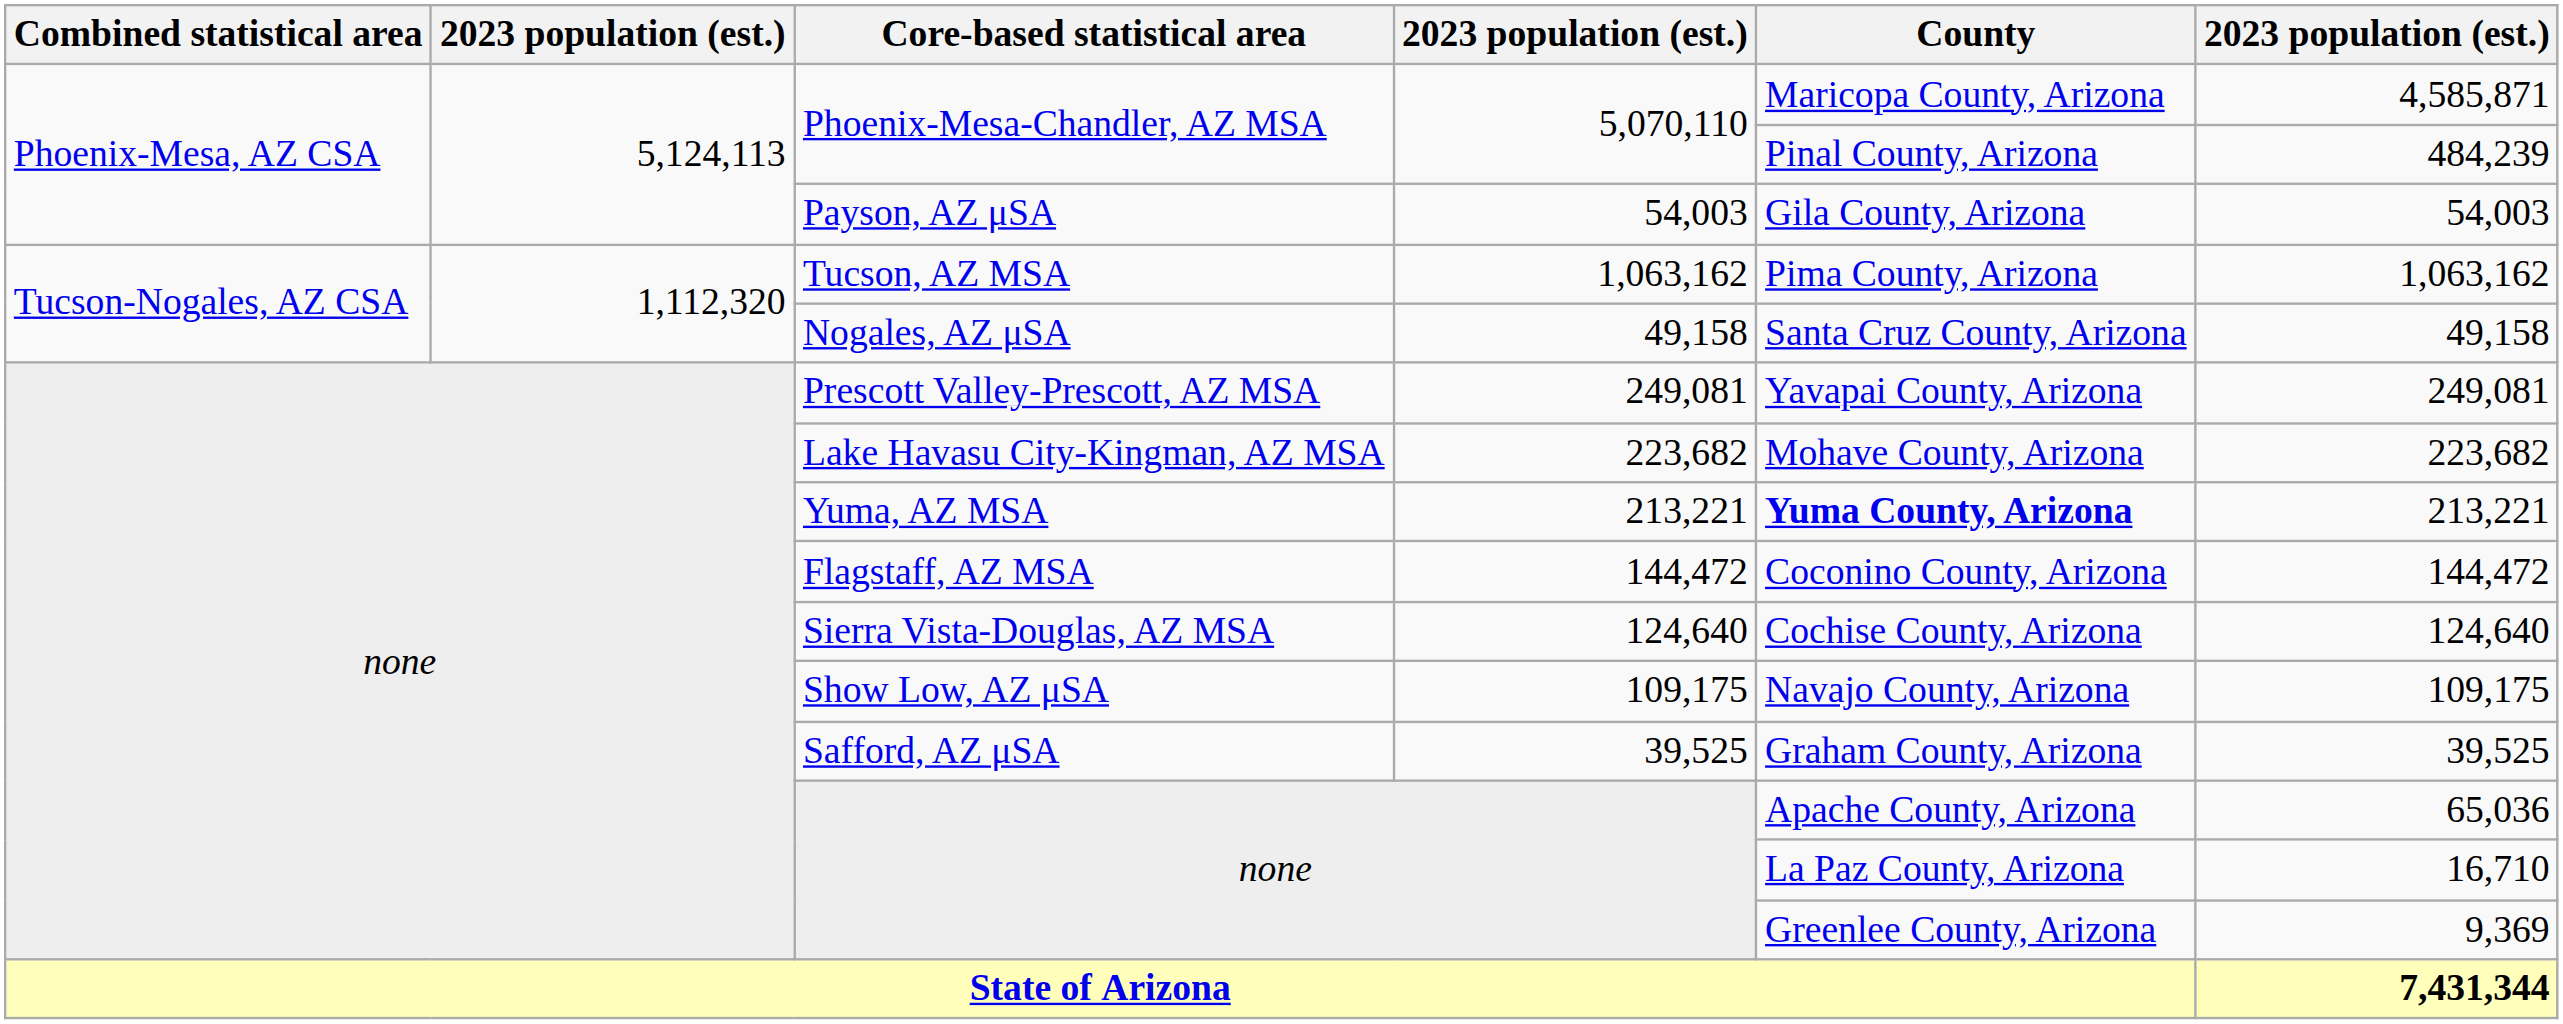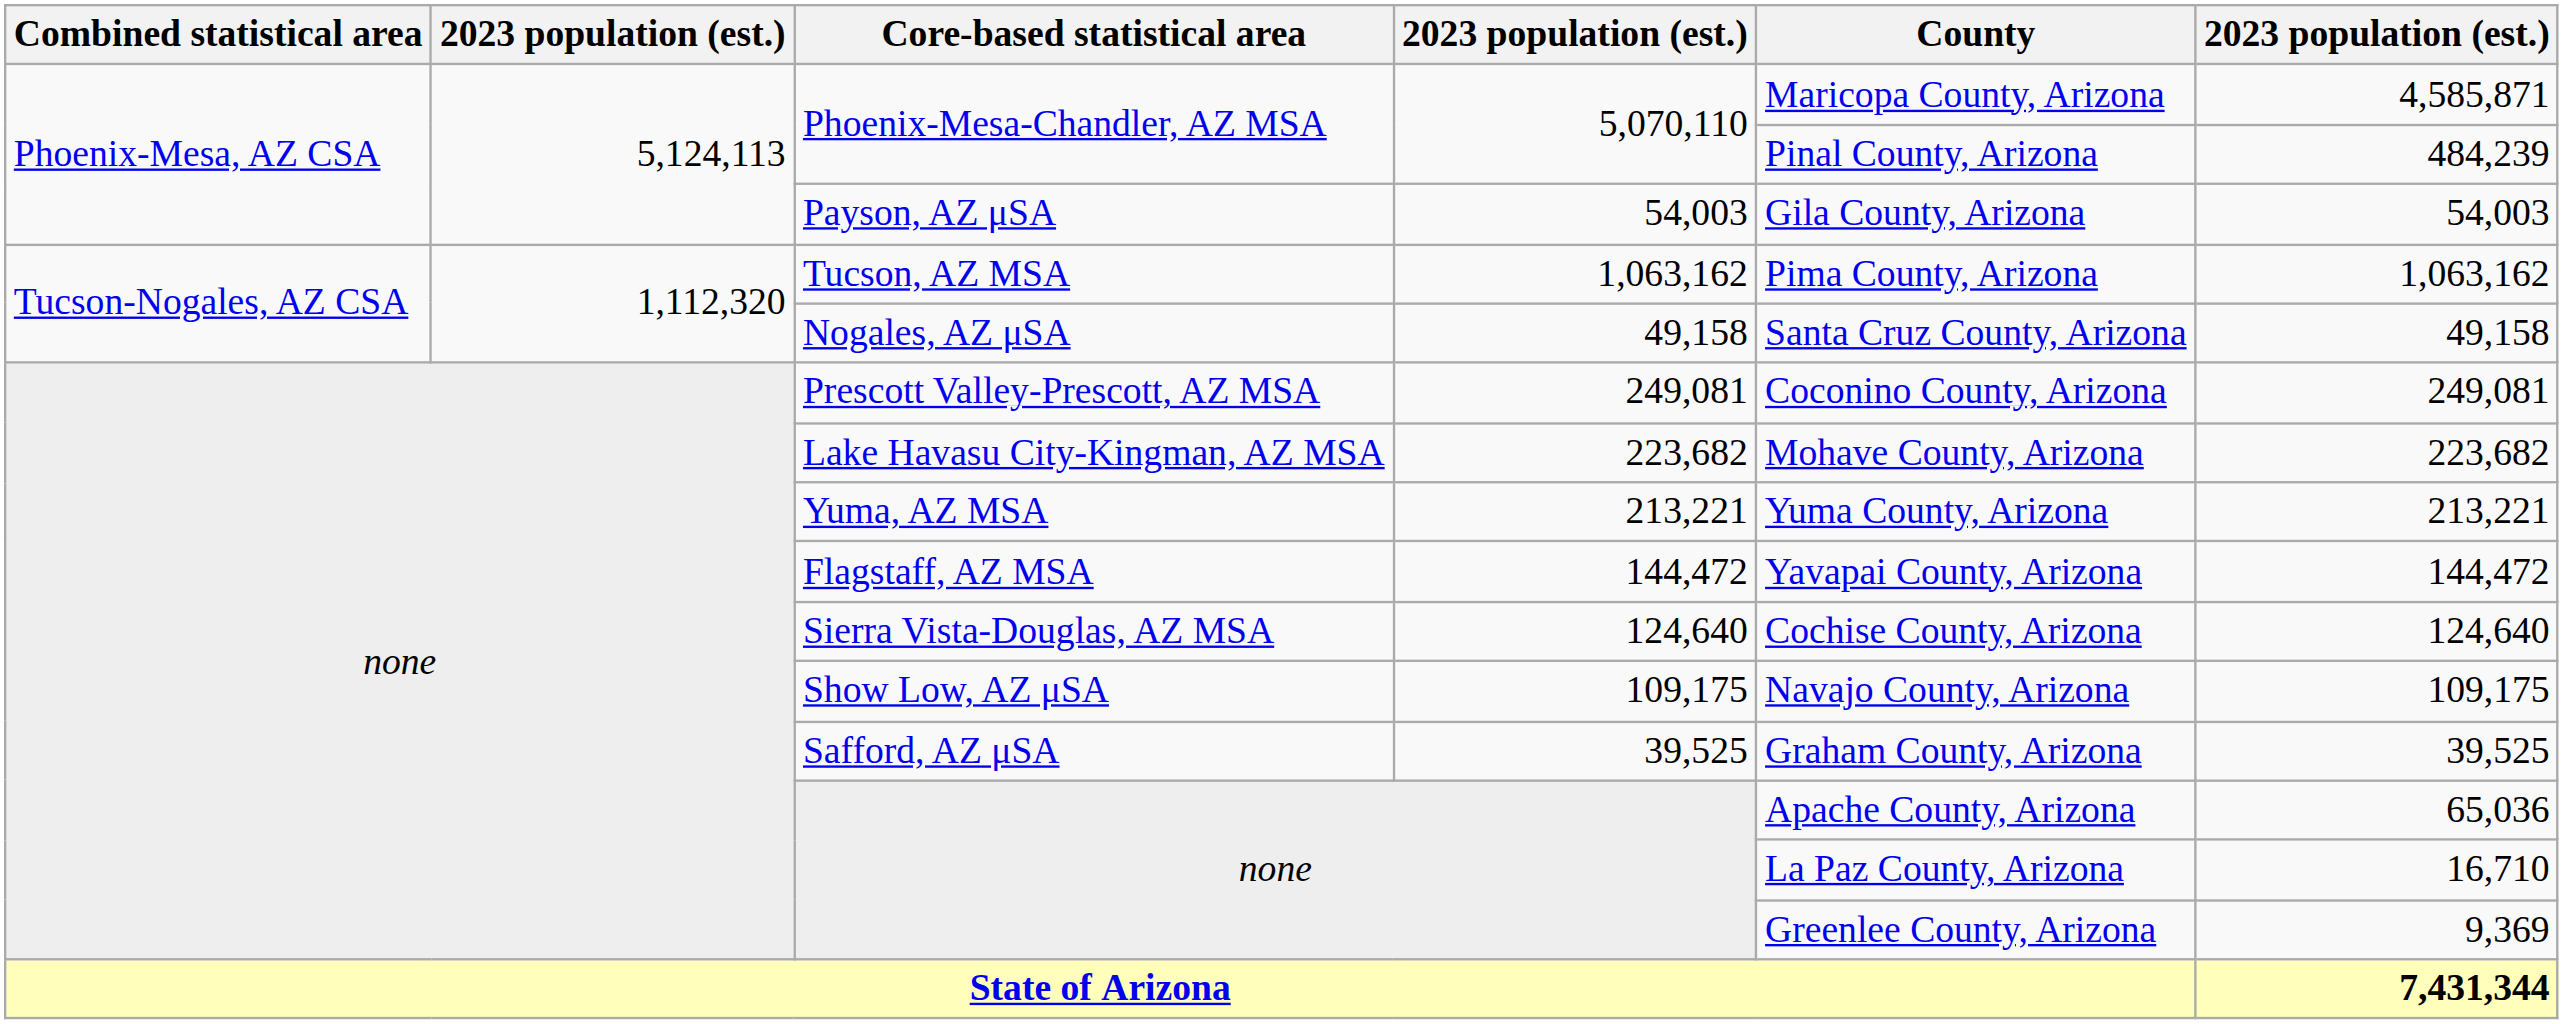 <table class=wikitable>
 <tr>
 <th>Combined statistical area</th>
 <th>2023 population (est.)</th>
 <th>Core-based statistical area</th>
 <th>2023 population (est.)</th>
 <th>County</th>
 <th>2023 population (est.)</th>
 </tr>
 <tr>
 <td rowspan=3><a href='#'>Phoenix-Mesa, AZ CSA</a></td>
 <td rowspan=3 align=right>5,124,113</td>
 <td rowspan=2><a href='#'>Phoenix-Mesa-Chandler, AZ MSA</a></td>
 <td rowspan=2 align=right>5,070,110</td>
 <td><a href='#'>Maricopa County, Arizona</a></td>
 <td align=right>4,585,871</td>
 </tr>
 <tr>
 <td><a href='#'>Pinal County, Arizona</a></td>
 <td align=right>484,239</td>
 </tr>
 <tr>
 <td rowspan=1><a href='#'>Payson, AZ μSA</a></td>
 <td rowspan=1 align=right>54,003</td>
 <td><a href='#'>Gila County, Arizona</a></td>
 <td align=right>54,003</td>
 </tr>
 <tr>
 <td rowspan=2><a href='#'>Tucson-Nogales, AZ CSA</a></td>
 <td rowspan=2 align=right>1,112,320</td>
 <td rowspan=1><a href='#'>Tucson, AZ MSA</a></td>
 <td rowspan=1 align=right>1,063,162</td>
 <td><a href='#'>Pima County, Arizona</a></td>
 <td align=right>1,063,162</td>
 </tr>
 <tr>
 <td rowspan=1><a href='#'>Nogales, AZ μSA</a></td>
 <td rowspan=1 align=right>49,158</td>
 <td><a href='#'>Santa Cruz County, Arizona</a></td>
 <td align=right>49,158</td>
 </tr>
 <tr>
 <td rowspan=10 colspan=2 align=center bgcolor=#EEEEEE><em>none</em></td>
 <td rowspan=1><a href='#'>Prescott Valley-Prescott, AZ MSA</a></td>
 <td rowspan=1 align=right>249,081</td>
-<td><a href='#'>Yavapai County, Arizona</a></td>
+<td><a href='#'>Coconino County, Arizona</a></td>
 <td align=right>249,081</td>
 </tr>
 <tr>
 <td rowspan=1><a href='#'>Lake Havasu City-Kingman, AZ MSA</a></td>
 <td rowspan=1 align=right>223,682</td>
 <td><a href='#'>Mohave County, Arizona</a></td>
 <td align=right>223,682</td>
 </tr>
 <tr>
 <td rowspan=1><a href='#'>Yuma, AZ MSA</a></td>
 <td rowspan=1 align=right>213,221</td>
-<td><strong><a href='#'>Yuma County, Arizona</a></strong></td>
+<td><a href='#'>Yuma County, Arizona</a></td>
 <td align=right>213,221</td>
 </tr>
 <tr>
 <td rowspan=1><a href='#'>Flagstaff, AZ MSA</a></td>
 <td rowspan=1 align=right>144,472</td>
-<td><a href='#'>Coconino County, Arizona</a></td>
+<td><a href='#'>Yavapai County, Arizona</a></td>
 <td align=right>144,472</td>
 </tr>
 <tr>
 <td rowspan=1><a href='#'>Sierra Vista-Douglas, AZ MSA</a></td>
 <td rowspan=1 align=right>124,640</td>
 <td><a href='#'>Cochise County, Arizona</a></td>
 <td align=right>124,640</td>
 </tr>
 <tr>
 <td rowspan=1><a href='#'>Show Low, AZ μSA</a></td>
 <td rowspan=1 align=right>109,175</td>
 <td><a href='#'>Navajo County, Arizona</a></td>
 <td align=right>109,175</td>
 </tr>
 <tr>
 <td rowspan=1><a href='#'>Safford, AZ μSA</a></td>
 <td rowspan=1 align=right>39,525</td>
 <td><a href='#'>Graham County, Arizona</a></td>
 <td align=right>39,525</td>
 </tr>
 <tr>
 <td rowspan=3 colspan=2 align=center bgcolor=#EEEEEE><em>none</em></td>
 <td><a href='#'>Apache County, Arizona</a></td>
 <td align=right>65,036</td>
 </tr>
 <tr>
 <td><a href='#'>La Paz County, Arizona</a></td>
 <td align=right>16,710</td>
 </tr>
 <tr>
 <td><a href='#'>Greenlee County, Arizona</a></td>
 <td align=right>9,369</td>
 </tr>
 <tr style="font-weight:bold;" bgcolor=#FFFFBB>
 <td colspan=5 align=center><a href='#'>State of Arizona</a></td>
 <td align=right>7,431,344</td>
 </tr>
 </table>
